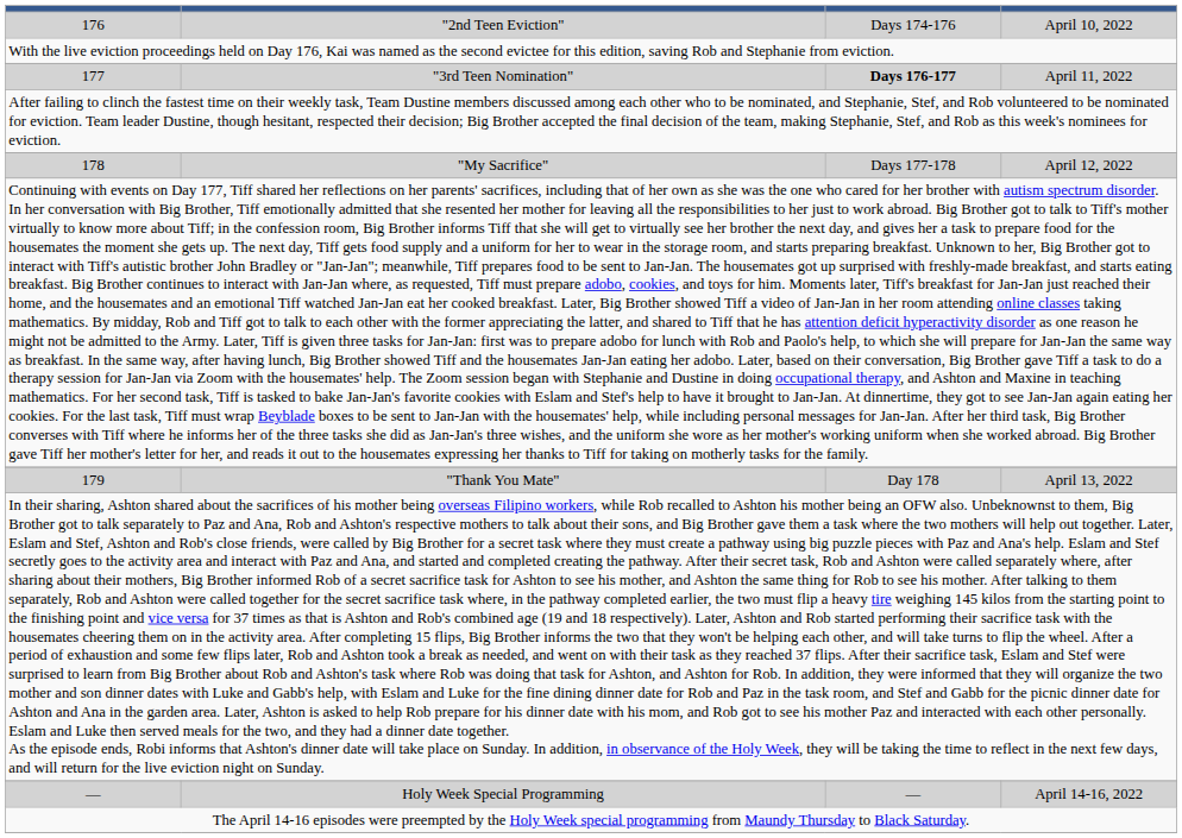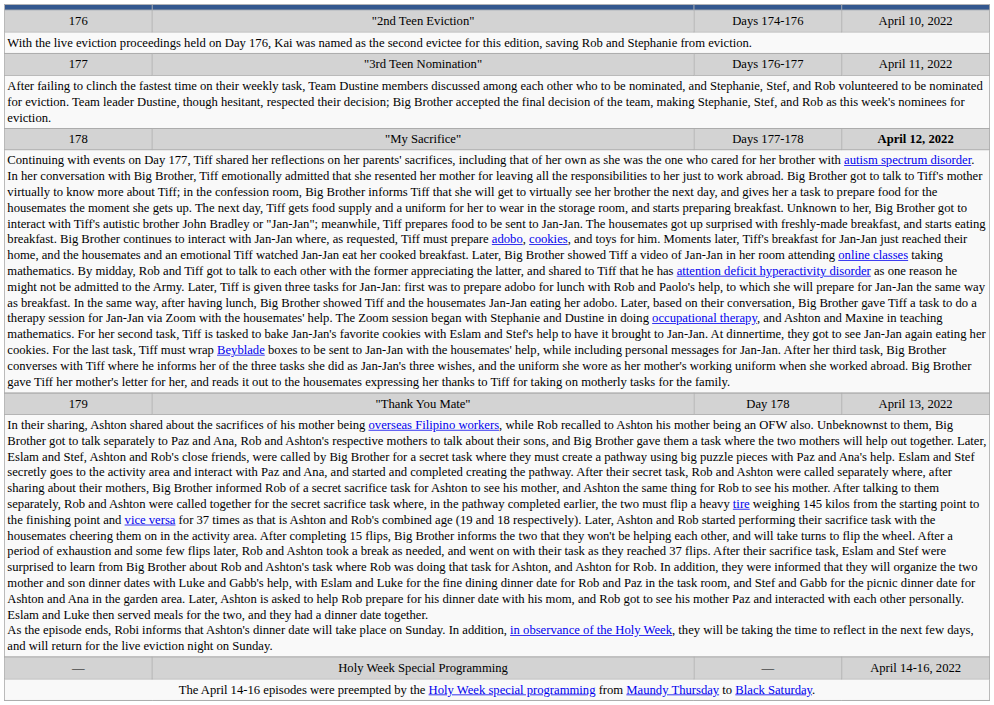 <table class="wikitable sortable" style="font-size:100%; line-height:20px; text-align:center">
 <tr>
 <th width="15%" style="background:#34588F"></th>
 <th width="55%" style="background:#34588F"></th>
 <th width="15%" style="background:#34588F"></th>
 <th width="15%" style="background:#34588F"></th>
 </tr>
 <tr style="background:lightgrey;">
 <td>176</td>
 <td>"2nd Teen Eviction"</td>
 <td>Days 174-176</td>
 <td>April 10, 2022</td>
 </tr>
 <tr>
 <td colspan="4" align="left">With the live eviction proceedings held on Day 176, Kai was named as the second evictee for this edition, saving Rob and Stephanie from eviction.</td>
 </tr>
 <tr>
 </tr>
 <tr style="background:lightgrey;">
 <td>177</td>
 <td>"3rd Teen Nomination"</td>
-<td><strong>Days 176-177</strong></td>
+<td>Days 176-177</td>
 <td>April 11, 2022</td>
 </tr>
 <tr>
 <td colspan="4" align="left">After failing to clinch the fastest time on their weekly task, Team Dustine members discussed among each other who to be nominated, and Stephanie, Stef, and Rob volunteered to be nominated for eviction. Team leader Dustine, though hesitant, respected their decision; Big Brother accepted the final decision of the team, making Stephanie, Stef, and Rob as this week's nominees for eviction.</td>
 </tr>
 <tr>
 </tr>
 <tr style="background:lightgrey;">
 <td>178</td>
 <td>"My Sacrifice"</td>
 <td>Days 177-178</td>
-<td>April 12, 2022</td>
+<td><strong>April 12, 2022</strong></td>
 </tr>
 <tr>
 <td colspan="4" align="left">Continuing with events on Day 177, Tiff shared her reflections on her parents' sacrifices, including that of her own as she was the one who cared for her brother with <a href='#'>autism spectrum disorder</a>. In her conversation with Big Brother, Tiff emotionally admitted that she resented her mother for leaving all the responsibilities to her just to work abroad. Big Brother got to talk to Tiff's mother virtually to know more about Tiff; in the confession room, Big Brother informs Tiff that she will get to virtually see her brother the next day, and gives her a task to prepare food for the housemates the moment she gets up. The next day, Tiff gets food supply and a uniform for her to wear in the storage room, and starts preparing breakfast. Unknown to her, Big Brother got to interact with Tiff's autistic brother John Bradley or "Jan-Jan"; meanwhile, Tiff prepares food to be sent to Jan-Jan. The housemates got up surprised with freshly-made breakfast, and starts eating breakfast. Big Brother continues to interact with Jan-Jan where, as requested, Tiff must prepare <a href='#'>adobo</a>, <a href='#'>cookies</a>, and toys for him. Moments later, Tiff's breakfast for Jan-Jan just reached their home, and the housemates and an emotional Tiff watched Jan-Jan eat her cooked breakfast. Later, Big Brother showed Tiff a video of Jan-Jan in her room attending <a href='#'>online classes</a> taking mathematics. By midday, Rob and Tiff got to talk to each other with the former appreciating the latter, and shared to Tiff that he has <a href='#'>attention deficit hyperactivity disorder</a> as one reason he might not be admitted to the Army. Later, Tiff is given three tasks for Jan-Jan: first was to prepare adobo for lunch with Rob and Paolo's help, to which she will prepare for Jan-Jan the same way as breakfast. In the same way, after having lunch, Big Brother showed Tiff and the housemates Jan-Jan eating her adobo. Later, based on their conversation, Big Brother gave Tiff a task to do a therapy session for Jan-Jan via Zoom with the housemates' help. The Zoom session began with Stephanie and Dustine in doing <a href='#'>occupational therapy</a>, and Ashton and Maxine in teaching mathematics. For her second task, Tiff is tasked to bake Jan-Jan's favorite cookies with Eslam and Stef's help to have it brought to Jan-Jan. At dinnertime, they got to see Jan-Jan again eating her cookies. For the last task, Tiff must wrap <a href='#'>Beyblade</a> boxes to be sent to Jan-Jan with the housemates' help, while including personal messages for Jan-Jan. After her third task, Big Brother converses with Tiff where he informs her of the three tasks she did as Jan-Jan's three wishes, and the uniform she wore as her mother's working uniform when she worked abroad. Big Brother gave Tiff her mother's letter for her, and reads it out to the housemates expressing her thanks to Tiff for taking on motherly tasks for the family.</td>
 </tr>
 <tr>
 </tr>
 <tr style="background:lightgrey;">
 <td>179</td>
 <td>"Thank You Mate"</td>
 <td>Day 178</td>
 <td>April 13, 2022</td>
 </tr>
 <tr>
 <td colspan="4" align="left">In their sharing, Ashton shared about the sacrifices of his mother being <a href='#'>overseas Filipino workers</a>, while Rob recalled to Ashton his mother being an OFW also. Unbeknownst to them, Big Brother got to talk separately to Paz and Ana, Rob and Ashton's respective mothers to talk about their sons, and Big Brother gave them a task where the two mothers will help out together. Later, Eslam and Stef, Ashton and Rob's close friends, were called by Big Brother for a secret task where they must create a pathway using big puzzle pieces with Paz and Ana's help. Eslam and Stef secretly goes to the activity area and interact with Paz and Ana, and started and completed creating the pathway. After their secret task, Rob and Ashton were called separately where, after sharing about their mothers, Big Brother informed Rob of a secret sacrifice task for Ashton to see his mother, and Ashton the same thing for Rob to see his mother. After talking to them separately, Rob and Ashton were called together for the secret sacrifice task where, in the pathway completed earlier, the two must flip a heavy <a href='#'>tire</a> weighing 145 kilos from the starting point to the finishing point and <a href='#'>vice versa</a> for 37 times as that is Ashton and Rob's combined age (19 and 18 respectively). Later, Ashton and Rob started performing their sacrifice task with the housemates cheering them on in the activity area. After completing 15 flips, Big Brother informs the two that they won't be helping each other, and will take turns to flip the wheel. After a period of exhaustion and some few flips later, Rob and Ashton took a break as needed, and went on with their task as they reached 37 flips. After their sacrifice task, Eslam and Stef were surprised to learn from Big Brother about Rob and Ashton's task where Rob was doing that task for Ashton, and Ashton for Rob. In addition, they were informed that they will organize the two mother and son dinner dates with Luke and Gabb's help, with Eslam and Luke for the fine dining dinner date for Rob and Paz in the task room, and Stef and Gabb for the picnic dinner date for Ashton and Ana in the garden area. Later, Ashton is asked to help Rob prepare for his dinner date with his mom, and Rob got to see his mother Paz and interacted with each other personally. Eslam and Luke then served meals for the two, and they had a dinner date together.<br>As the episode ends, Robi informs that Ashton's dinner date will take place on Sunday. In addition, <a href='#'>in observance of the Holy Week</a>, they will be taking the time to reflect in the next few days, and will return for the live eviction night on Sunday.</td>
 </tr>
 <tr>
 </tr>
 <tr style="background:lightgrey;">
 <td>—</td>
 <td>Holy Week Special Programming</td>
 <td>—</td>
 <td>April 14-16, 2022</td>
 </tr>
 <tr>
 <td colspan="4" align="center">The April 14-16 episodes were preempted by the <a href='#'>Holy Week special programming</a> from <a href='#'>Maundy Thursday</a> to <a href='#'>Black Saturday</a>.</td>
 </tr>
 <tr>
 </tr>
 </table>
